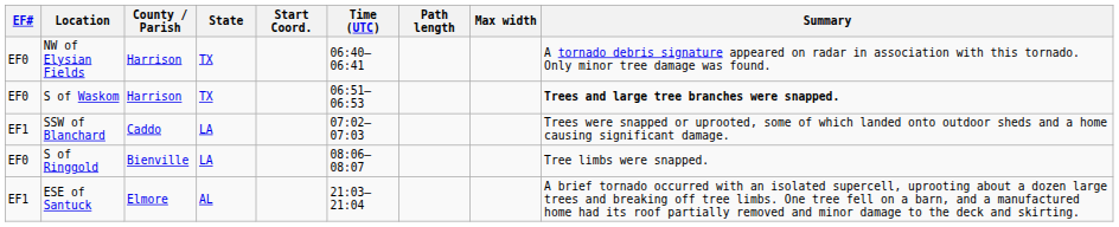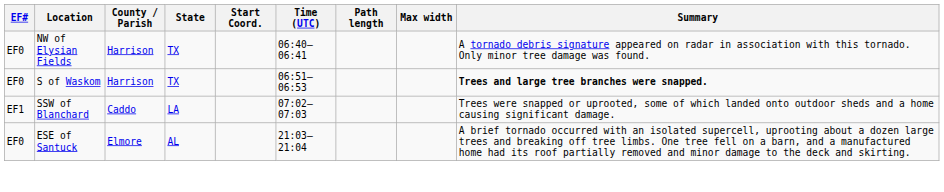 <table class="wikitable sortable" style="width:100%;">
 <tr>
 <th scope="col"  style="width:3%; text-align:center;"><a href='#'>EF#</a></th>
 <th scope="col"  style="width:7%; text-align:center;" class="unsortable">Location</th>
 <th scope="col"  style="width:6%; text-align:center;" class="unsortable">County / Parish</th>
 <th scope="col"  style="width:5%; text-align:center;">State</th>
 <th scope="col"  style="width:6%; text-align:center;">Start Coord.</th>
 <th scope="col"  style="width:6%; text-align:center;">Time (<a href='#'>UTC</a>)</th>
 <th scope="col"  style="width:6%; text-align:center;">Path length</th>
 <th scope="col"  style="width:6%; text-align:center;">Max width</th>
 <th scope="col" class="unsortable" style="width:48%; text-align:center;">Summary</th>
 </tr>
 <tr>
 <td>EF0</td>
 <td>NW of <a href='#'>Elysian Fields</a></td>
 <td><a href='#'>Harrison</a></td>
 <td><a href='#'>TX</a></td>
 <td></td>
 <td>06:40–06:41</td>
 <td></td>
 <td></td>
 <td>A <a href='#'>tornado debris signature</a> appeared on radar in association with this tornado. Only minor tree damage was found.</td>
 </tr>
 <tr>
 <td>EF0</td>
 <td>S of <a href='#'>Waskom</a></td>
 <td><a href='#'>Harrison</a></td>
 <td><a href='#'>TX</a></td>
 <td></td>
 <td>06:51–06:53</td>
 <td></td>
 <td></td>
 <td><strong>Trees and large tree branches were snapped.</strong></td>
 </tr>
 <tr>
 <td>EF1</td>
 <td>SSW of <a href='#'>Blanchard</a></td>
 <td><a href='#'>Caddo</a></td>
 <td><a href='#'>LA</a></td>
 <td></td>
 <td>07:02–07:03</td>
 <td></td>
 <td></td>
 <td>Trees were snapped or uprooted, some of which landed onto outdoor sheds and a home causing significant damage.</td>
 </tr>
 <tr>
 <td>EF0</td>
-<td>S of <a href='#'>Ringgold</a></td>
-<td><a href='#'>Bienville</a></td>
-<td><a href='#'>LA</a></td>
-<td></td>
-<td>08:06–08:07</td>
-<td></td>
-<td></td>
-<td>Tree limbs were snapped.</td>
-</tr>
-<tr>
-<td>EF1</td>
 <td>ESE of <a href='#'>Santuck</a></td>
 <td><a href='#'>Elmore</a></td>
 <td><a href='#'>AL</a></td>
 <td></td>
 <td>21:03–21:04</td>
 <td></td>
 <td></td>
 <td>A brief tornado occurred with an isolated supercell, uprooting about a dozen large trees and breaking off tree limbs. One tree fell on a barn, and a manufactured home had its roof partially removed and minor damage to the deck and skirting.</td>
 </tr>
 </table>
